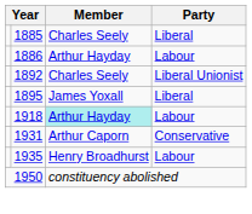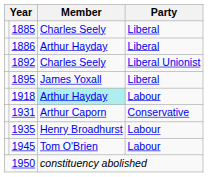 <table class="wikitable">
 <tr>
 <th colspan="2">Year</th>
 <th>Member</th>
 <th>Party</th>
 </tr>
 <tr>
 <td style="color:inherit;background-color: "></td>
 <td><a href='#'>1885</a></td>
 <td><a href='#'>Charles Seely</a></td>
 <td><a href='#'>Liberal</a></td>
 </tr>
 <tr>
 <td style="color:inherit;background-color: "></td>
 <td><a href='#'>1886</a></td>
 <td><a href='#'>Arthur Hayday</a></td>
-<td><a href='#'>Labour</a></td>
+<td><a href='#'>Liberal</a></td>
 </tr>
 <tr>
 <td style="color:inherit;background-color: "></td>
 <td><a href='#'>1892</a></td>
 <td><a href='#'>Charles Seely</a></td>
 <td><a href='#'>Liberal Unionist</a></td>
 </tr>
 <tr>
 <td style="color:inherit;background-color: "></td>
 <td><a href='#'>1895</a></td>
 <td><a href='#'>James Yoxall</a></td>
 <td><a href='#'>Liberal</a></td>
 </tr>
 <tr>
 <td style="color:inherit;background-color: "></td>
 <td><a href='#'>1918</a></td>
 <td style="background: paleturquoise;"><a href='#'>Arthur Hayday</a></td>
 <td><a href='#'>Labour</a></td>
 </tr>
 <tr>
 <td style="color:inherit;background-color: "></td>
 <td><a href='#'>1931</a></td>
 <td><a href='#'>Arthur Caporn</a></td>
 <td><a href='#'>Conservative</a></td>
 </tr>
 <tr>
 <td style="color:inherit;background-color: "></td>
 <td><a href='#'>1935</a></td>
 <td><a href='#'>Henry Broadhurst</a></td>
 <td><a href='#'>Labour</a></td>
 </tr>
 <tr>
+<td style="color:inherit;background-color: "></td>
+<td><a href='#'>1945</a></td>
+<td><a href='#'>Tom O'Brien</a></td>
+<td><a href='#'>Labour</a></td>
+</tr>
+<tr>
 <td colspan="2" align="right"><a href='#'>1950</a></td>
 <td colspan="2"><em>constituency abolished</em></td>
 </tr>
 </table>
